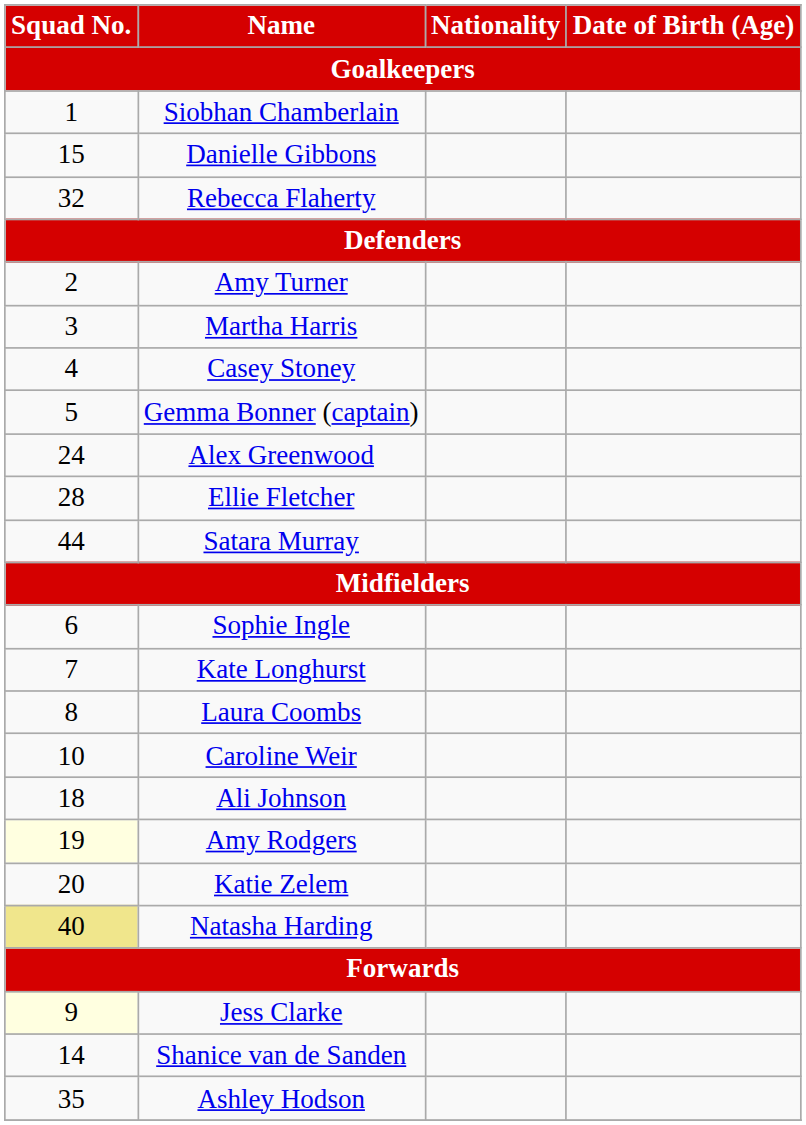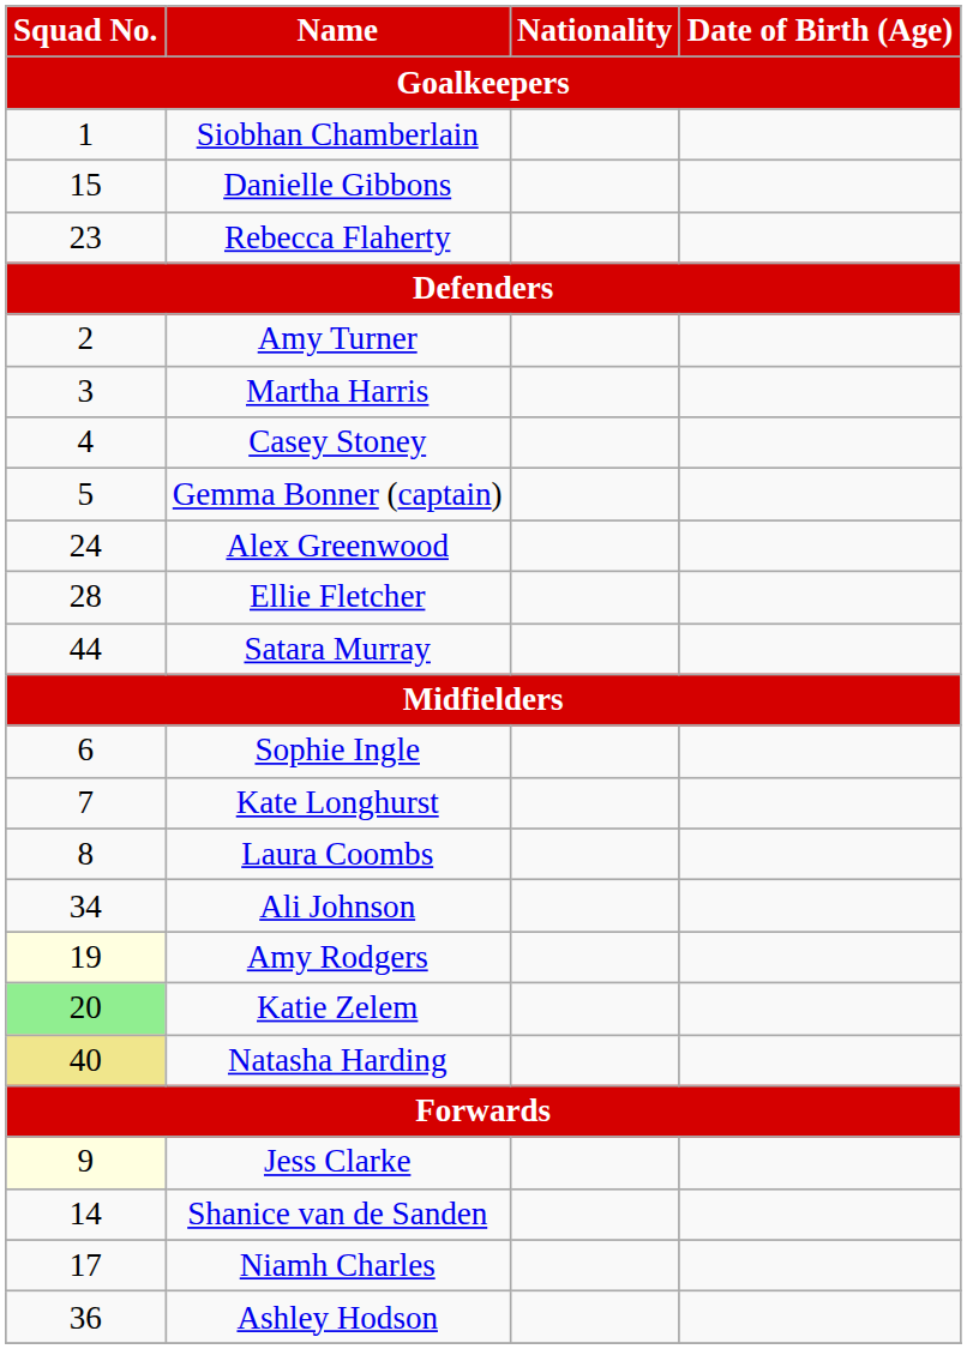 <table class="wikitable" style="text-align:center; font-size:100%; ">
 <tr>
 <th style="background:#d50000; color:white; text-align:center;">Squad No.</th>
 <th style="background:#d50000; color:white; text-align:center;">Name</th>
 <th style="background:#d50000; color:white; text-align:center;">Nationality</th>
 <th style="background:#d50000; color:white; text-align:center;">Date of Birth (Age)</th>
 </tr>
 <tr>
 <th colspan="4" style="background:#d50000; color:white; text-align:center">Goalkeepers</th>
 </tr>
 <tr>
 <td>1</td>
 <td><a href='#'>Siobhan Chamberlain</a></td>
 <td></td>
 <td></td>
 </tr>
 <tr>
 <td>15</td>
 <td><a href='#'>Danielle Gibbons</a></td>
 <td></td>
 <td></td>
 </tr>
 <tr>
-<td>32</td>
+<td>23</td>
 <td><a href='#'>Rebecca Flaherty</a></td>
 <td></td>
 <td></td>
 </tr>
 <tr>
 <th colspan="4" style="background:#d50000; color:white; text-align:center">Defenders</th>
 </tr>
 <tr>
 <td>2</td>
 <td><a href='#'>Amy Turner</a></td>
 <td></td>
 <td></td>
 </tr>
 <tr>
 <td>3</td>
 <td><a href='#'>Martha Harris</a></td>
 <td></td>
 <td></td>
 </tr>
 <tr>
 <td>4</td>
 <td><a href='#'>Casey Stoney</a></td>
 <td></td>
 <td></td>
 </tr>
 <tr>
 <td>5</td>
 <td><a href='#'>Gemma Bonner</a> (<a href='#'>captain</a>)</td>
 <td></td>
 <td></td>
 </tr>
 <tr>
 <td>24</td>
 <td><a href='#'>Alex Greenwood</a></td>
 <td></td>
 <td></td>
 </tr>
 <tr>
 <td>28</td>
 <td><a href='#'>Ellie Fletcher</a></td>
 <td></td>
 <td></td>
 </tr>
 <tr>
 <td>44</td>
 <td><a href='#'>Satara Murray</a></td>
 <td></td>
 <td></td>
 </tr>
 <tr>
 <th style="background:#d50000; color:white; text-align:center" colspan="4">Midfielders</th>
 </tr>
 <tr>
 <td>6</td>
 <td><a href='#'>Sophie Ingle</a></td>
 <td></td>
 <td></td>
 </tr>
 <tr>
 <td>7</td>
 <td><a href='#'>Kate Longhurst</a></td>
 <td></td>
 <td></td>
 </tr>
 <tr>
 <td>8</td>
 <td><a href='#'>Laura Coombs</a></td>
 <td></td>
 <td></td>
 </tr>
 <tr>
-<td>10</td>
-<td><a href='#'>Caroline Weir</a></td>
-<td></td>
-<td></td>
-</tr>
-<tr>
-<td>18</td>
+<td>34</td>
 <td><a href='#'>Ali Johnson</a></td>
 <td></td>
 <td></td>
 </tr>
 <tr>
 <td style="background: lightyellow;">19</td>
 <td><a href='#'>Amy Rodgers</a></td>
 <td></td>
 <td></td>
 </tr>
 <tr>
-<td>20</td>
+<td style="background: lightgreen;">20</td>
 <td><a href='#'>Katie Zelem</a></td>
 <td></td>
 <td></td>
 </tr>
 <tr>
 <td style="background: khaki;">40</td>
 <td><a href='#'>Natasha Harding</a></td>
 <td></td>
 <td></td>
 </tr>
 <tr>
 <th style="background:#d50000; color:white; text-align:center" colspan="4">Forwards</th>
 </tr>
 <tr>
 <td style="background: lightyellow;">9</td>
 <td><a href='#'>Jess Clarke</a></td>
 <td></td>
 <td></td>
 </tr>
 <tr>
 <td>14</td>
 <td><a href='#'>Shanice van de Sanden</a></td>
 <td></td>
 <td></td>
 </tr>
 <tr>
-<td>35</td>
+<td>17</td>
+<td><a href='#'>Niamh Charles</a></td>
+<td></td>
+<td></td>
+</tr>
+<tr>
+<td>36</td>
 <td><a href='#'>Ashley Hodson</a></td>
 <td></td>
 <td></td>
 </tr>
 <tr>
 </tr>
 </table>
